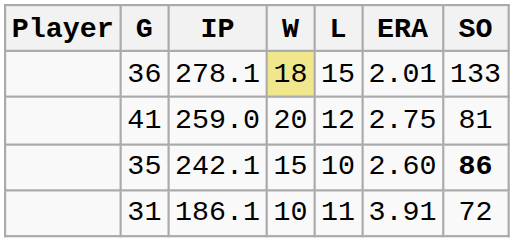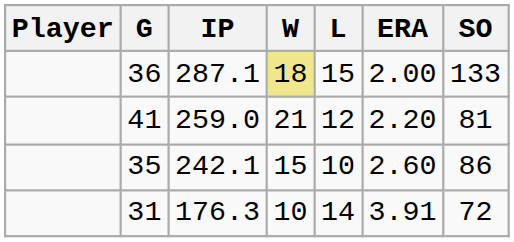 <table class="wikitable sortable" style="text-align:center;">
 <tr>
 <th>Player</th>
 <th>G</th>
 <th>IP</th>
 <th>W</th>
 <th>L</th>
 <th>ERA</th>
 <th>SO</th>
 </tr>
 <tr>
 <td></td>
 <td>36</td>
-<td>278.1</td>
+<td>287.1</td>
 <td style="background: khaki;">18</td>
 <td>15</td>
-<td>2.01</td>
+<td>2.00</td>
 <td>133</td>
 </tr>
 <tr>
 <td></td>
 <td>41</td>
 <td>259.0</td>
-<td>20</td>
+<td>21</td>
 <td>12</td>
-<td>2.75</td>
+<td>2.20</td>
 <td>81</td>
 </tr>
 <tr>
 <td></td>
 <td>35</td>
 <td>242.1</td>
 <td>15</td>
 <td>10</td>
 <td>2.60</td>
-<td><strong>86</strong></td>
+<td>86</td>
 </tr>
 <tr>
 <td></td>
 <td>31</td>
-<td>186.1</td>
+<td>176.3</td>
 <td>10</td>
-<td>11</td>
+<td>14</td>
 <td>3.91</td>
 <td>72</td>
 </tr>
 </table>
